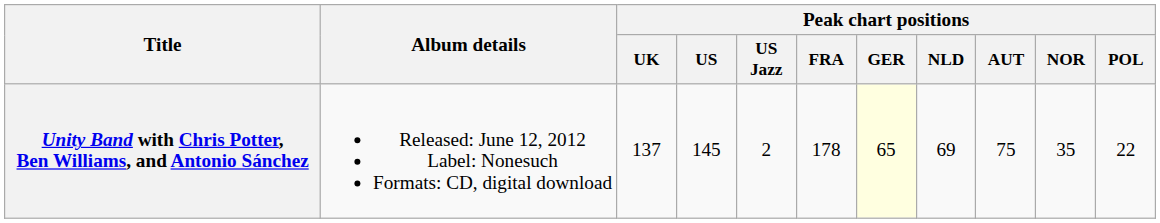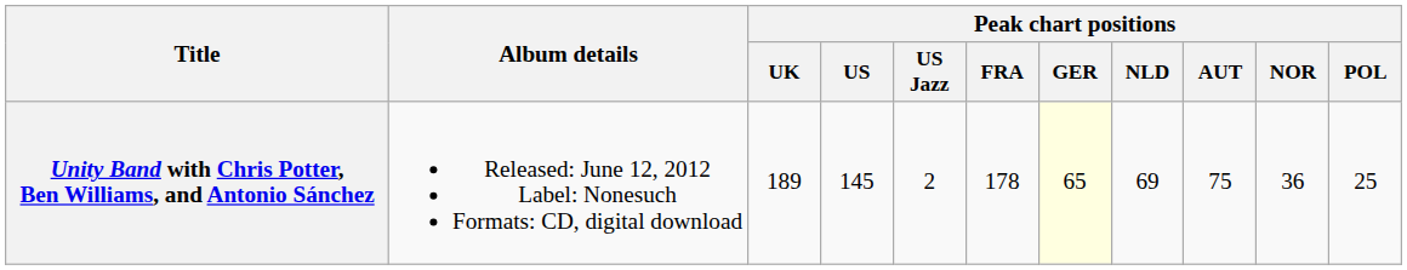 <table class="wikitable plainrowheaders" style="text-align:center;">
 <tr>
 <th scope="col" rowspan="2" style="width:16em;">Title</th>
 <th scope="col" rowspan="2">Album details</th>
 <th scope="col" colspan="9">Peak chart positions</th>
 </tr>
 <tr>
 <th scope="col" style="width:3em;font-size:90%;">UK<br></th>
 <th scope="col" style="width:3em;font-size:90%;">US<br></th>
 <th scope="col" style="width:3em;font-size:90%;">US<br>Jazz<br></th>
 <th scope="col" style="width:3em;font-size:90%;">FRA<br></th>
 <th scope="col" style="width:3em;font-size:90%;">GER<br></th>
 <th scope="col" style="width:3em;font-size:90%;">NLD<br></th>
 <th scope="col" style="width:3em;font-size:90%;">AUT<br></th>
 <th scope="col" style="width:3em;font-size:90%;">NOR<br></th>
 <th scope="col" style="width:3em;font-size:90%;">POL<br></th>
 </tr>
 <tr>
 <th scope="row"><em><a href='#'>Unity Band</a></em> with <a href='#'>Chris Potter</a>,<br><a href='#'>Ben Williams</a>, and <a href='#'>Antonio Sánchez</a></th>
 <td><br><ul><li>Released: June 12, 2012</li><li>Label: Nonesuch</li><li>Formats: CD, digital download</li></ul></td>
-<td>137</td>
+<td>189</td>
 <td>145</td>
 <td>2</td>
 <td>178</td>
 <td style="background: lightyellow;">65</td>
 <td>69</td>
 <td>75</td>
-<td>35</td>
-<td>22</td>
+<td>36</td>
+<td>25</td>
 </tr>
 </table>
